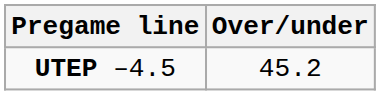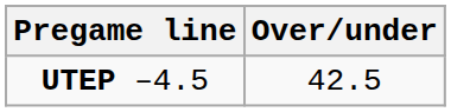 <table class="wikitable">
 <tr align="center">
 <th>Pregame line</th>
 <th>Over/under</th>
 </tr>
 <tr align="center">
 <td><strong>UTEP</strong> –4.5</td>
-<td>45.2</td>
+<td>42.5</td>
 </tr>
 </table>
